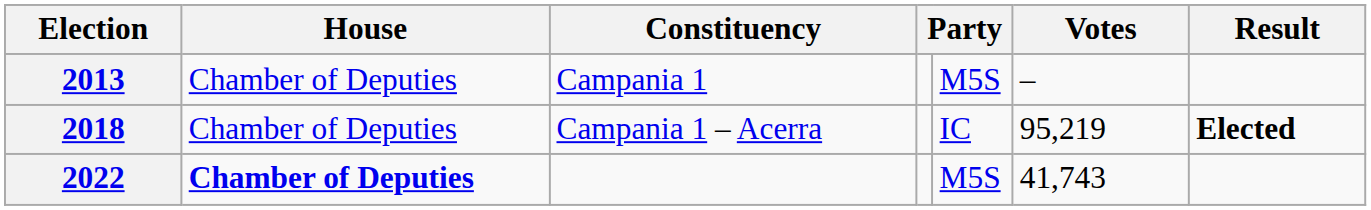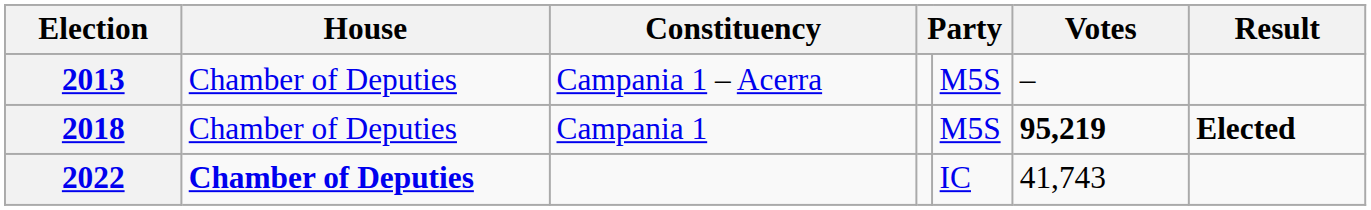 <table class=wikitable style="width:55%; border:1px #AAAAFF solid">
 <tr>
 <th width=12%>Election</th>
 <th width=25%>House</th>
 <th width=25%>Constituency</th>
 <th width=5% colspan="2">Party</th>
 <th width=12%>Votes</th>
 <th width=12%>Result</th>
 </tr>
 <tr>
 <th><a href='#'>2013</a></th>
 <td><a href='#'>Chamber of Deputies</a></td>
-<td><a href='#'>Campania 1</a></td>
+<td><a href='#'>Campania 1</a> – <a href='#'>Acerra</a></td>
 <td></td>
 <td><a href='#'>M5S</a></td>
 <td>–</td>
 <td></td>
 </tr>
 <tr>
 <th><a href='#'>2018</a></th>
 <td><a href='#'>Chamber of Deputies</a></td>
-<td><a href='#'>Campania 1</a> – <a href='#'>Acerra</a></td>
+<td><a href='#'>Campania 1</a></td>
 <td></td>
-<td><a href='#'>IC</a></td>
-<td>95,219</td>
+<td><a href='#'>M5S</a></td>
+<td><strong>95,219</strong></td>
 <td> <strong>Elected</strong></td>
 </tr>
 <tr>
 <th><a href='#'>2022</a></th>
 <td><strong><a href='#'>Chamber of Deputies</a></strong></td>
 <td></td>
 <td></td>
-<td><a href='#'>M5S</a></td>
+<td><a href='#'>IC</a></td>
 <td>41,743</td>
 <td></td>
 </tr>
 </table>
